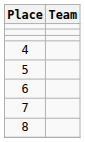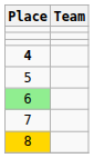 <table class="wikitable" style="text-align: center;">
 <tr>
 <th>Place</th>
 <th>Team</th>
 </tr>
 <tr>
 <td></td>
 <td style="text-align:left;"></td>
 </tr>
 <tr>
 <td></td>
 <td style="text-align:left;"></td>
 </tr>
 <tr>
 <td></td>
 <td style="text-align:left;"></td>
 </tr>
 <tr>
-<td>4</td>
+<td><strong>4</strong></td>
 <td style="text-align:left;"></td>
 </tr>
 <tr>
 <td>5</td>
 <td style="text-align:left;"></td>
 </tr>
 <tr>
-<td>6</td>
+<td style="background: lightgreen;">6</td>
 <td style="text-align:left;"></td>
 </tr>
 <tr>
 <td>7</td>
 <td style="text-align:left;"></td>
 </tr>
 <tr>
-<td>8</td>
+<td style="background: gold;">8</td>
 <td style="text-align:left;"></td>
 </tr>
 <tr>
 </tr>
 </table>
